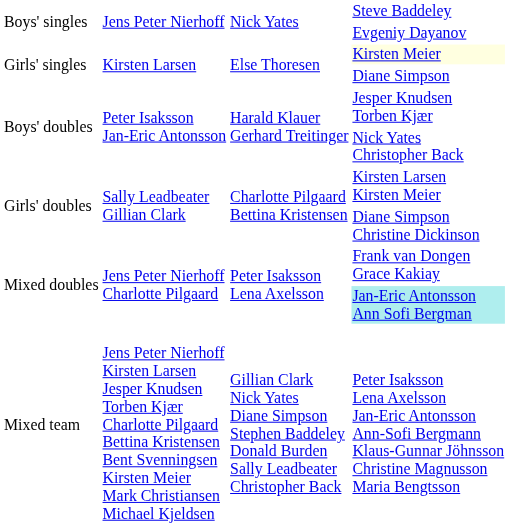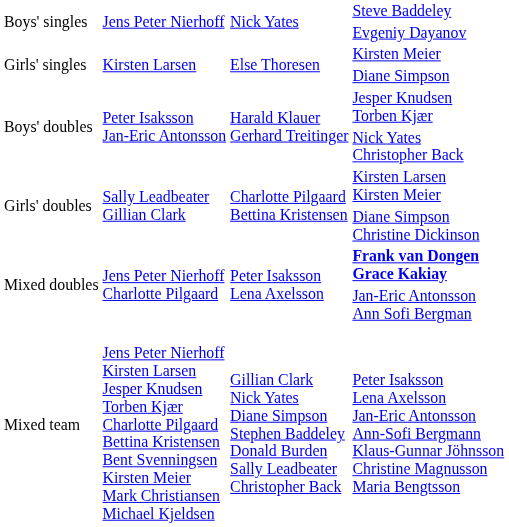 <table>
 <tr>
 <td rowspan=2>Boys' singles</td>
 <td rowspan=2> <a href='#'>Jens Peter Nierhoff</a></td>
 <td rowspan=2> <a href='#'>Nick Yates</a></td>
 <td> <a href='#'>Steve Baddeley</a></td>
 </tr>
 <tr>
 <td> <a href='#'>Evgeniy Dayanov</a></td>
 </tr>
 <tr>
 <td rowspan=2>Girls' singles</td>
 <td rowspan=2> <a href='#'>Kirsten Larsen</a></td>
 <td rowspan=2> <a href='#'>Else Thoresen</a></td>
-<td style="background: lightyellow;"> <a href='#'>Kirsten Meier</a></td>
+<td> <a href='#'>Kirsten Meier</a></td>
 </tr>
 <tr>
 <td> <a href='#'>Diane Simpson</a></td>
 </tr>
 <tr>
 <td rowspan=2>Boys' doubles</td>
 <td rowspan=2> <a href='#'>Peter Isaksson</a> <br>  <a href='#'>Jan-Eric Antonsson</a></td>
 <td rowspan=2> <a href='#'>Harald Klauer</a> <br>  <a href='#'>Gerhard Treitinger</a></td>
 <td> <a href='#'>Jesper Knudsen</a> <br>  <a href='#'>Torben Kjær</a></td>
 </tr>
 <tr>
 <td> <a href='#'>Nick Yates</a> <br>  <a href='#'>Christopher Back</a></td>
 </tr>
 <tr>
 <td rowspan=2>Girls' doubles</td>
 <td rowspan=2> <a href='#'>Sally Leadbeater</a> <br>  <a href='#'>Gillian Clark</a></td>
 <td rowspan=2> <a href='#'>Charlotte Pilgaard</a> <br>  <a href='#'>Bettina Kristensen</a></td>
 <td> <a href='#'>Kirsten Larsen</a> <br>  <a href='#'>Kirsten Meier</a></td>
 </tr>
 <tr>
 <td> <a href='#'>Diane Simpson</a> <br>  <a href='#'>Christine Dickinson</a></td>
 </tr>
 <tr>
 <td rowspan=2>Mixed doubles</td>
 <td rowspan=2> <a href='#'>Jens Peter Nierhoff</a> <br>  <a href='#'>Charlotte Pilgaard</a></td>
 <td rowspan=2> <a href='#'>Peter Isaksson</a> <br>  <a href='#'>Lena Axelsson</a></td>
-<td> <a href='#'>Frank van Dongen</a> <br>  <a href='#'>Grace Kakiay</a></td>
+<td><strong> <a href='#'>Frank van Dongen</a> <br>  <a href='#'>Grace Kakiay</a></strong></td>
 </tr>
 <tr>
-<td style="background: paleturquoise;"> <a href='#'>Jan-Eric Antonsson</a> <br>  <a href='#'>Ann Sofi Bergman</a></td>
+<td> <a href='#'>Jan-Eric Antonsson</a> <br>  <a href='#'>Ann Sofi Bergman</a></td>
 </tr>
 <tr>
 <td>Mixed team</td>
 <td> <br> <a href='#'>Jens Peter Nierhoff</a> <br> <a href='#'>Kirsten Larsen</a> <br> <a href='#'>Jesper Knudsen</a> <br> <a href='#'>Torben Kjær</a> <br> <a href='#'>Charlotte Pilgaard</a> <br> <a href='#'>Bettina Kristensen</a> <br> <a href='#'>Bent Svenningsen</a> <br> <a href='#'>Kirsten Meier</a> <br> <a href='#'>Mark Christiansen</a> <br> <a href='#'>Michael Kjeldsen</a></td>
 <td> <br> <a href='#'>Gillian Clark</a> <br> <a href='#'>Nick Yates</a> <br> <a href='#'>Diane Simpson</a> <br> <a href='#'>Stephen Baddeley</a> <br> <a href='#'>Donald Burden</a> <br> <a href='#'>Sally Leadbeater</a> <br> <a href='#'>Christopher Back</a></td>
 <td> <br> <a href='#'>Peter Isaksson</a> <br> <a href='#'>Lena Axelsson</a> <br> <a href='#'>Jan-Eric Antonsson</a> <br> <a href='#'>Ann-Sofi Bergmann</a><br><a href='#'>Klaus-Gunnar Jöhnsson</a><br><a href='#'>Christine Magnusson</a><br><a href='#'>Maria Bengtsson</a></td>
 </tr>
 </table>
